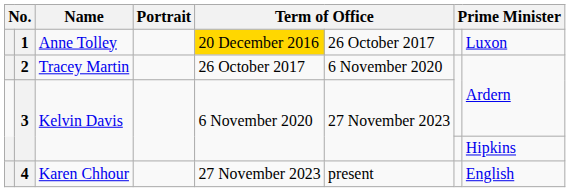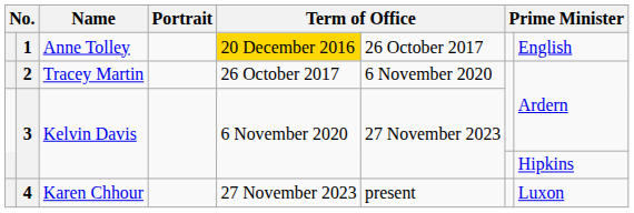 <table class="wikitable">
 <tr>
 <th colspan="2">No.</th>
 <th>Name</th>
 <th>Portrait</th>
 <th colspan="2">Term of Office</th>
 <th colspan="2">Prime Minister</th>
 </tr>
 <tr>
 <th style="background:"></th>
 <th>1</th>
 <td><a href='#'>Anne Tolley</a></td>
 <td></td>
 <td style="background: gold;">20 December 2016</td>
 <td>26 October 2017</td>
 <td width=1 style="background:"></td>
-<td><a href='#'>Luxon</a></td>
+<td><a href='#'>English</a></td>
 </tr>
 <tr>
 <th style="background:"></th>
 <th>2</th>
 <td><a href='#'>Tracey Martin</a></td>
 <td></td>
 <td>26 October 2017</td>
 <td>6 November 2020</td>
 <td rowspan=2 style="background:"></td>
 <td rowspan=2><a href='#'>Ardern</a></td>
 </tr>
 <tr>
 <td height=50 style="border-bottom:solid 0 grey; background:"></td>
 <th rowspan="2">3</th>
 <td rowspan="2"><a href='#'>Kelvin Davis</a></td>
 <td rowspan="2"></td>
 <td rowspan="2">6 November 2020</td>
 <td rowspan="2">27 November 2023</td>
 </tr>
 <tr>
 <th height=15 style="border-top:solid 0 grey; background:"></th>
 <td style="background:"></td>
 <td><a href='#'>Hipkins</a></td>
 </tr>
 <tr>
 <th style="background:"></th>
 <th>4</th>
 <td><a href='#'>Karen Chhour</a></td>
 <td></td>
 <td>27 November 2023</td>
 <td>present</td>
 <td style="background:"></td>
-<td><a href='#'>English</a></td>
+<td><a href='#'>Luxon</a></td>
 </tr>
 </table>
